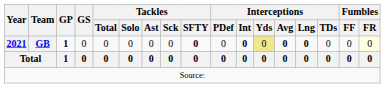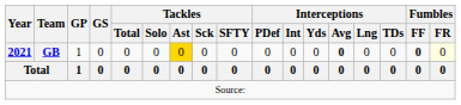 <table class="wikitable" style="text-align: center;">
 <tr>
 <th rowspan=2>Year</th>
 <th rowspan=2>Team</th>
 <th rowspan=2>GP</th>
 <th rowspan=2>GS</th>
 <th colspan=5>Tackles</th>
 <th colspan=6>Interceptions</th>
 <th colspan=2>Fumbles</th>
 </tr>
 <tr>
 <th>Total</th>
 <th>Solo</th>
 <th>Ast</th>
 <th>Sck</th>
 <th>SFTY</th>
 <th>PDef</th>
 <th>Int</th>
 <th>Yds</th>
 <th>Avg</th>
 <th>Lng</th>
 <th>TDs</th>
 <th>FF</th>
 <th>FR</th>
 </tr>
 <tr>
 <th><a href='#'>2021</a></th>
 <th><a href='#'>GB</a></th>
-<td><strong>1</strong></td>
+<td>1</td>
+<td>0</td>
+<td>0</td>
+<td>0</td>
+<td style="background: gold;">0</td>
 <td>0</td>
 <td>0</td>
 <td>0</td>
 <td>0</td>
 <td>0</td>
 <td><strong>0</strong></td>
 <td>0</td>
+<td>0</td>
 <td><strong>0</strong></td>
-<td style="background: khaki;">0</td>
-<td><strong>0</strong></td>
-<td><strong>0</strong></td>
-<td>0</td>
-<td>0</td>
 <td style="background: lightyellow;">0</td>
 </tr>
 <tr>
 <th colspan="2">Total</th>
 <th>1</th>
 <th>0</th>
 <th>0</th>
 <th>0</th>
 <th>0</th>
 <th>0</th>
 <th>0</th>
 <th>0</th>
 <th>0</th>
 <th>0</th>
 <th>0</th>
 <th>0</th>
 <th>0</th>
 <th>0</th>
 <th>0</th>
 </tr>
 <tr>
 <td colspan="17"><small>Source: </small></td>
 </tr>
 </table>
